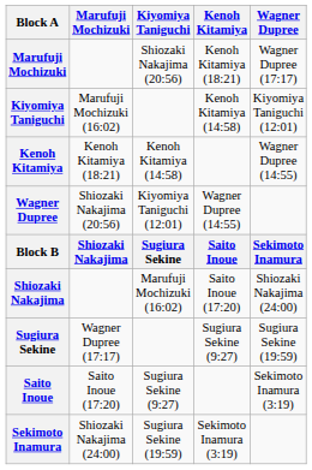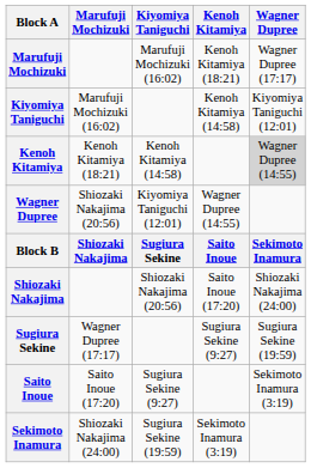 <table class="wikitable" style="margin: 1em auto 1em auto;text-align:center">
 <tr>
 <th>Block A</th>
 <th><a href='#'>Marufuji</a><br><a href='#'>Mochizuki</a></th>
 <th><a href='#'>Kiyomiya</a><br><a href='#'>Taniguchi</a></th>
 <th><a href='#'>Kenoh</a><br><a href='#'>Kitamiya</a></th>
 <th><a href='#'>Wagner</a><br><a href='#'>Dupree</a></th>
 </tr>
 <tr>
 <th><a href='#'>Marufuji</a><br><a href='#'>Mochizuki</a></th>
 <td></td>
-<td>Shiozaki<br>Nakajima<br>(20:56)</td>
+<td>Marufuji<br>Mochizuki<br>(16:02)</td>
 <td>Kenoh<br>Kitamiya<br>(18:21)</td>
 <td>Wagner<br>Dupree<br>(17:17)</td>
 </tr>
 <tr>
 <th><a href='#'>Kiyomiya</a><br><a href='#'>Taniguchi</a></th>
 <td>Marufuji<br>Mochizuki<br>(16:02)</td>
 <td></td>
 <td>Kenoh<br>Kitamiya<br>(14:58)</td>
 <td>Kiyomiya<br>Taniguchi<br>(12:01)</td>
 </tr>
 <tr>
 <th><a href='#'>Kenoh</a><br><a href='#'>Kitamiya</a></th>
 <td>Kenoh<br>Kitamiya<br>(18:21)</td>
 <td>Kenoh<br>Kitamiya<br>(14:58)</td>
 <td></td>
-<td>Wagner<br>Dupree<br>(14:55)</td>
+<td style="background: lightgrey;">Wagner<br>Dupree<br>(14:55)</td>
 </tr>
 <tr>
 <th><a href='#'>Wagner</a><br><a href='#'>Dupree</a></th>
 <td>Shiozaki<br>Nakajima<br>(20:56)</td>
 <td>Kiyomiya<br>Taniguchi<br>(12:01)</td>
 <td>Wagner<br>Dupree<br>(14:55)</td>
 <td></td>
 </tr>
 <tr>
 <th>Block B</th>
 <th><a href='#'>Shiozaki</a><br><a href='#'>Nakajima</a></th>
 <th><a href='#'>Sugiura</a><br>Sekine</th>
 <th><a href='#'>Saito</a><br><a href='#'>Inoue</a></th>
 <th><a href='#'>Sekimoto</a><br><a href='#'>Inamura</a></th>
 </tr>
 <tr>
 <th><a href='#'>Shiozaki</a><br><a href='#'>Nakajima</a></th>
 <td></td>
-<td>Marufuji<br>Mochizuki<br>(16:02)</td>
+<td>Shiozaki<br>Nakajima<br>(20:56)</td>
 <td>Saito<br>Inoue<br>(17:20)</td>
 <td>Shiozaki<br>Nakajima<br>(24:00)</td>
 </tr>
 <tr>
 <th><a href='#'>Sugiura</a><br>Sekine</th>
 <td>Wagner<br>Dupree<br>(17:17)</td>
 <td></td>
 <td>Sugiura<br>Sekine<br>(9:27)</td>
 <td>Sugiura<br>Sekine<br>(19:59)</td>
 </tr>
 <tr>
 <th><a href='#'>Saito</a><br><a href='#'>Inoue</a></th>
 <td>Saito<br>Inoue<br>(17:20)</td>
 <td>Sugiura<br>Sekine<br>(9:27)</td>
 <td></td>
 <td>Sekimoto<br>Inamura<br>(3:19)</td>
 </tr>
 <tr>
 <th><a href='#'>Sekimoto</a><br><a href='#'>Inamura</a></th>
 <td>Shiozaki<br>Nakajima<br>(24:00)</td>
 <td>Sugiura<br>Sekine<br>(19:59)</td>
 <td>Sekimoto<br>Inamura<br>(3:19)</td>
 <td></td>
 </tr>
 </table>
